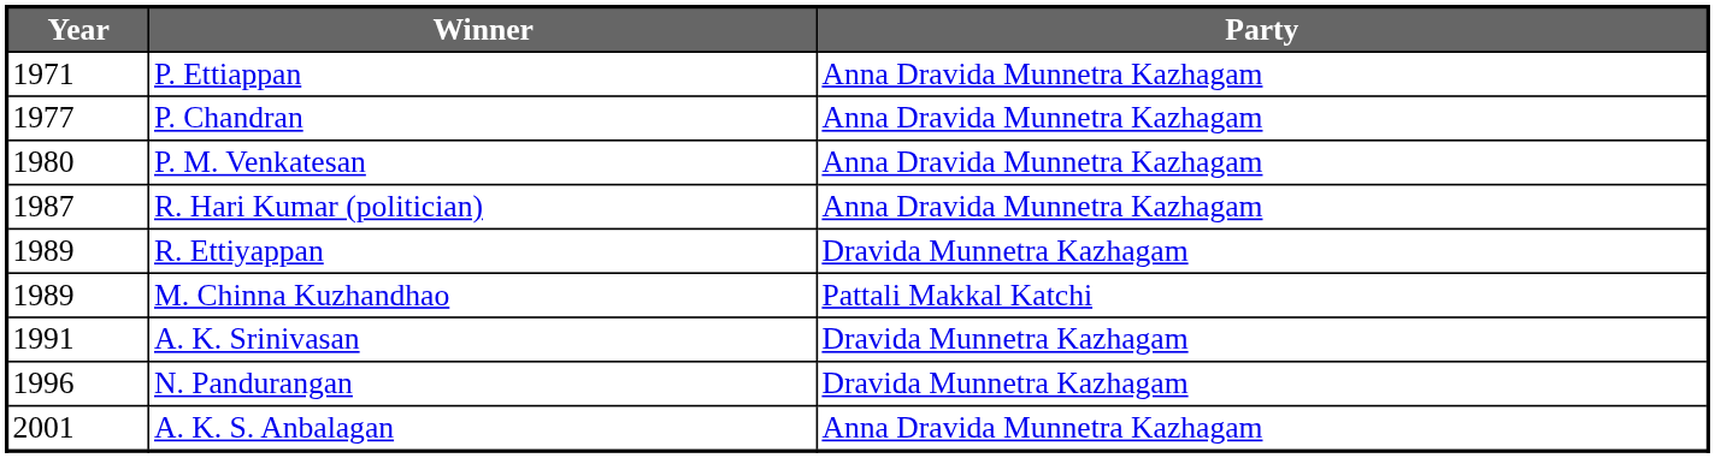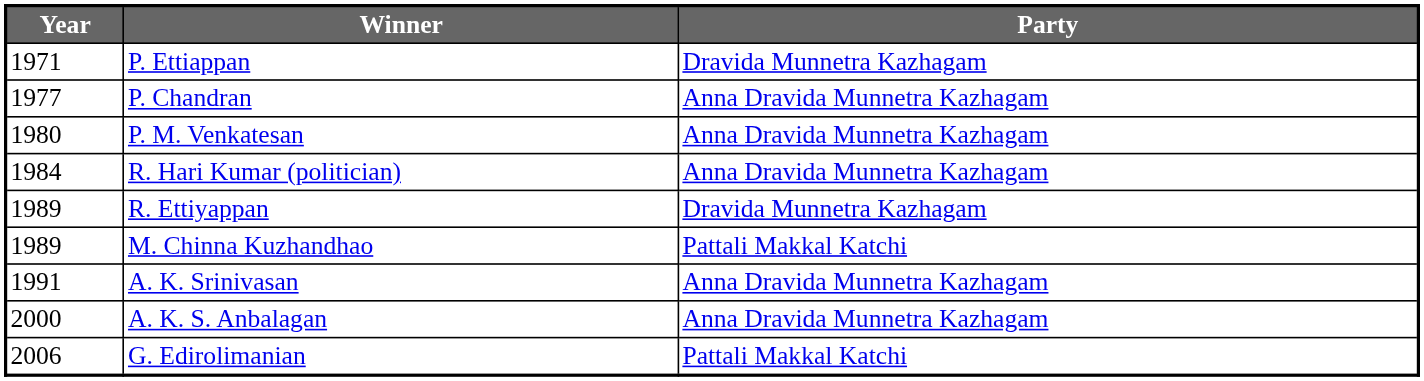 <table width="70%" cellpadding="2" cellspacing="0" border="1" style="border-collapse: collapse; border: 2px #000000 solid; font-size: x-big; font-family: verdana">
 <tr>
 <th style="background-color:#666666; color:white">Year</th>
 <th style="background-color:#666666; color:white">Winner</th>
 <th style="background-color:#666666; color:white">Party</th>
 </tr>
 <tr --->
 <td>1971</td>
 <td><a href='#'>P. Ettiappan</a></td>
-<td><a href='#'>Anna Dravida Munnetra Kazhagam</a></td>
+<td><a href='#'>Dravida Munnetra Kazhagam</a></td>
 </tr>
 <tr --->
 <td>1977</td>
 <td><a href='#'>P. Chandran</a></td>
 <td><a href='#'>Anna Dravida Munnetra Kazhagam</a></td>
 </tr>
 <tr --->
 <td>1980</td>
 <td><a href='#'>P. M. Venkatesan</a></td>
 <td><a href='#'>Anna Dravida Munnetra Kazhagam</a></td>
 </tr>
 <tr --->
-<td>1987</td>
+<td>1984</td>
 <td><a href='#'>R. Hari Kumar (politician)</a></td>
 <td><a href='#'>Anna Dravida Munnetra Kazhagam</a></td>
 </tr>
 <tr --->
 <td>1989</td>
 <td><a href='#'>R. Ettiyappan</a></td>
 <td><a href='#'>Dravida Munnetra Kazhagam</a></td>
 </tr>
 <tr --->
 <td>1989</td>
 <td><a href='#'>M. Chinna Kuzhandhao</a></td>
 <td><a href='#'>Pattali Makkal Katchi</a></td>
 </tr>
 <tr --->
 <td>1991</td>
 <td><a href='#'>A. K. Srinivasan</a></td>
-<td><a href='#'>Dravida Munnetra Kazhagam</a></td>
+<td><a href='#'>Anna Dravida Munnetra Kazhagam</a></td>
 </tr>
 <tr --->
-<td>1996</td>
-<td><a href='#'>N. Pandurangan</a></td>
-<td><a href='#'>Dravida Munnetra Kazhagam</a></td>
-</tr>
-<tr --->
-<td>2001</td>
+<td>2000</td>
 <td><a href='#'>A. K. S. Anbalagan</a></td>
 <td><a href='#'>Anna Dravida Munnetra Kazhagam</a></td>
 </tr>
+<tr --->
+<td>2006</td>
+<td><a href='#'>G. Edirolimanian</a></td>
+<td><a href='#'>Pattali Makkal Katchi</a></td>
+</tr>
 </table>
